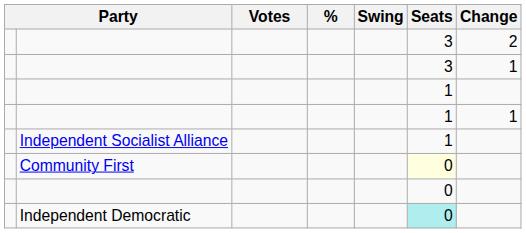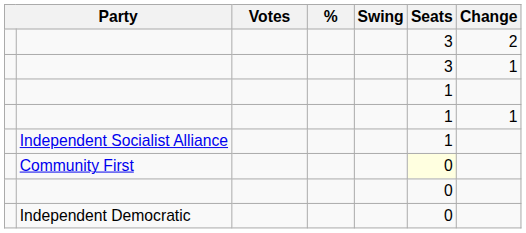 <table class="wikitable" style="text-align:right; margin-bottom:0">
 <tr>
 <th style="width:10px" colspan=3>Party</th>
 <th style="width:70px;">Votes</th>
 <th style="width:40px;">%</th>
 <th style="width:40px;">Swing</th>
 <th style="width:40px;">Seats</th>
 <th style="width:40px;">Change</th>
 </tr>
 <tr>
 <td> </td>
 <td style="text-align:left;" colspan="2"></td>
 <td></td>
 <td></td>
 <td></td>
 <td>3</td>
 <td> 2</td>
 </tr>
 <tr>
 <td> </td>
 <td style="text-align:left;" colspan="2"></td>
 <td></td>
 <td></td>
 <td></td>
 <td>3</td>
 <td> 1</td>
 </tr>
 <tr>
 <td> </td>
 <td style="text-align:left;" colspan="2"></td>
 <td></td>
 <td></td>
 <td></td>
 <td>1</td>
 <td></td>
 </tr>
 <tr>
 <td> </td>
 <td style="text-align:left;" colspan="2"></td>
 <td></td>
 <td></td>
 <td></td>
 <td>1</td>
 <td> 1</td>
 </tr>
 <tr>
 <td> </td>
 <td style="text-align:left;" colspan="2"><a href='#'>Independent Socialist Alliance</a></td>
 <td></td>
 <td></td>
 <td></td>
 <td>1</td>
 <td></td>
 </tr>
 <tr>
 <td> </td>
 <td style="text-align:left;" colspan="2"><a href='#'>Community First</a></td>
 <td></td>
 <td></td>
 <td></td>
 <td style="background: lightyellow;">0</td>
 <td></td>
 </tr>
 <tr>
 <td> </td>
 <td style="text-align:left;" colspan="2"></td>
 <td></td>
 <td></td>
 <td></td>
 <td>0</td>
 <td></td>
 </tr>
 <tr>
 <td> </td>
 <td style="text-align:left;" colspan="2">Independent Democratic</td>
 <td></td>
 <td></td>
 <td></td>
-<td style="background: paleturquoise;">0</td>
+<td>0</td>
 <td></td>
 </tr>
 </table>
